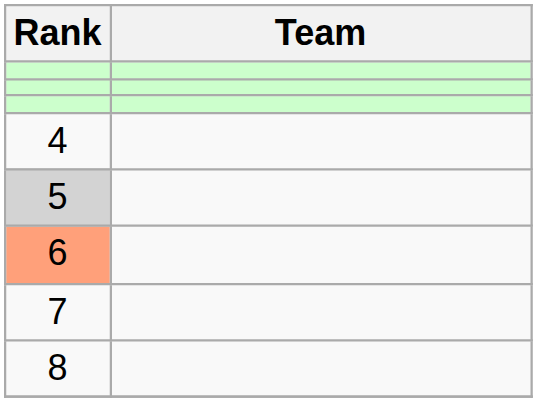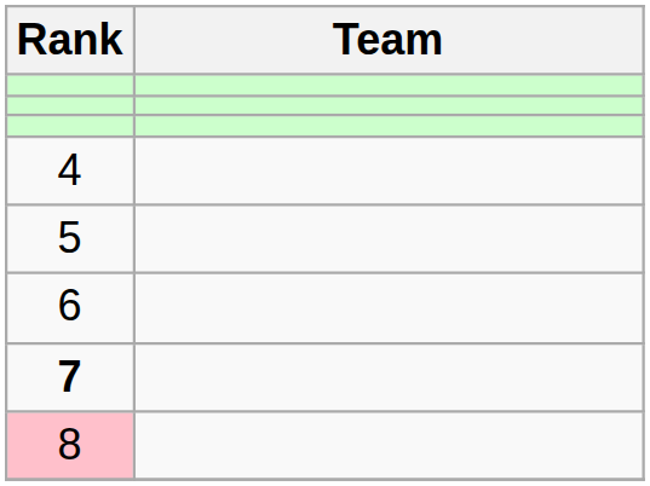 <table class=wikitable style="text-align:center;">
 <tr>
 <th>Rank</th>
 <th width=180>Team</th>
 </tr>
 <tr bgcolor=#CCFFCC>
 <td></td>
 <td align=left></td>
 </tr>
 <tr bgcolor=#CCFFCC>
 <td></td>
 <td align=left></td>
 </tr>
 <tr bgcolor=#CCFFCC>
 <td></td>
 <td align=left></td>
 </tr>
 <tr>
 <td>4</td>
 <td align=left></td>
 </tr>
 <tr>
-<td style="background: lightgrey;">5</td>
+<td>5</td>
 <td align=left></td>
 </tr>
 <tr>
-<td style="background: lightsalmon;">6</td>
+<td>6</td>
 <td align=left></td>
 </tr>
 <tr>
-<td>7</td>
+<td><strong>7</strong></td>
 <td align=left></td>
 </tr>
 <tr>
-<td>8</td>
+<td style="background: pink;">8</td>
 <td align=left></td>
 </tr>
 <tr>
 </tr>
 </table>
